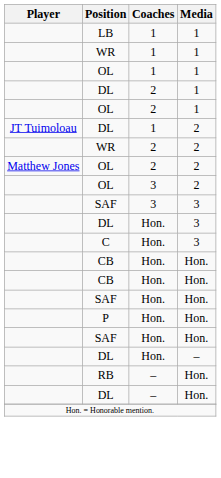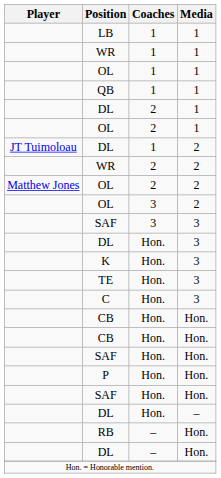 <table class="wikitable sortable sortable" style="text-align: center">
 <tr align=center>
 <th>Player</th>
 <th>Position</th>
 <th>Coaches</th>
 <th>Media</th>
 </tr>
 <tr>
 <td></td>
 <td>LB</td>
 <td>1</td>
 <td>1</td>
 </tr>
 <tr>
 <td></td>
 <td>WR</td>
 <td>1</td>
 <td>1</td>
 </tr>
 <tr>
 <td></td>
 <td>OL</td>
+<td>1</td>
+<td>1</td>
+</tr>
+<tr>
+<td></td>
+<td>QB</td>
 <td>1</td>
 <td>1</td>
 </tr>
 <tr>
 <td></td>
 <td>DL</td>
 <td>2</td>
 <td>1</td>
 </tr>
 <tr>
 <td></td>
 <td>OL</td>
 <td>2</td>
 <td>1</td>
 </tr>
 <tr>
 <td><a href='#'>JT Tuimoloau</a></td>
 <td>DL</td>
 <td>1</td>
 <td>2</td>
 </tr>
 <tr>
 <td></td>
 <td>WR</td>
 <td>2</td>
 <td>2</td>
 </tr>
 <tr>
 <td><a href='#'>Matthew Jones</a></td>
 <td>OL</td>
 <td>2</td>
 <td>2</td>
 </tr>
 <tr>
 <td></td>
 <td>OL</td>
 <td>3</td>
 <td>2</td>
 </tr>
 <tr>
 <td></td>
 <td>SAF</td>
 <td>3</td>
 <td>3</td>
 </tr>
 <tr>
 <td></td>
 <td>DL</td>
+<td data-sort-value="3">Hon.</td>
+<td>3</td>
+</tr>
+<tr>
+<td></td>
+<td>K</td>
+<td data-sort-value="3">Hon.</td>
+<td>3</td>
+</tr>
+<tr>
+<td></td>
+<td>TE</td>
 <td data-sort-value="3">Hon.</td>
 <td>3</td>
 </tr>
 <tr>
 <td></td>
 <td>C</td>
 <td data-sort-value="3">Hon.</td>
 <td>3</td>
 </tr>
 <tr>
 <td></td>
 <td>CB</td>
 <td data-sort-value="4">Hon.</td>
 <td data-sort-value="4">Hon.</td>
 </tr>
 <tr>
 <td></td>
 <td>CB</td>
 <td data-sort-value="4">Hon.</td>
 <td data-sort-value="4">Hon.</td>
 </tr>
 <tr>
 <td></td>
 <td>SAF</td>
 <td data-sort-value="4">Hon.</td>
 <td data-sort-value="4">Hon.</td>
 </tr>
 <tr>
 <td></td>
 <td>P</td>
 <td data-sort-value="4">Hon.</td>
 <td data-sort-value="4">Hon.</td>
 </tr>
 <tr>
 <td></td>
 <td>SAF</td>
 <td data-sort-value="4">Hon.</td>
 <td data-sort-value="4">Hon.</td>
 </tr>
 <tr>
 <td></td>
 <td>DL</td>
 <td data-sort-value="4">Hon.</td>
 <td>–</td>
 </tr>
 <tr>
 <td></td>
 <td>RB</td>
 <td>–</td>
 <td data-sort-value="4">Hon.</td>
 </tr>
 <tr>
 <td></td>
 <td>DL</td>
 <td>–</td>
 <td data-sort-value="4">Hon.</td>
 </tr>
 <tr>
 </tr>
 <tr class="sortbottom">
 <td colspan="4"  style="font-size:8pt; text-align:center;">Hon. = Honorable mention.</td>
 </tr>
 </table>
